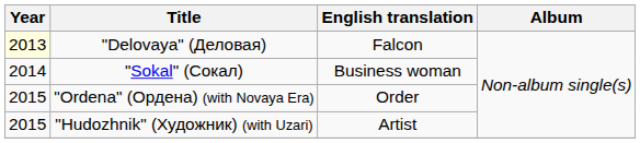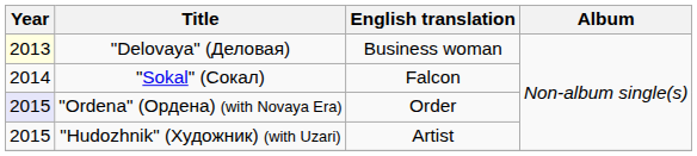 <table class="wikitable plainrowheaders" style="text-align:center;">
 <tr>
 <th scope="col" rowspan="1">Year</th>
 <th scope="col" rowspan="1">Title</th>
 <th scope="col" rowspan="1">English translation</th>
 <th scope="col" rowspan="1">Album</th>
 </tr>
 <tr>
 <td rowspan="1" style="background: lightyellow;">2013</td>
 <td scope="row">"Delovaya" (Деловая)</td>
-<td scope="row">Falcon</td>
+<td scope="row">Business woman</td>
 <td rowspan="4"><em>Non-album single(s)</em></td>
 </tr>
 <tr>
 <td rowspan="1">2014</td>
 <td scope="row">"<a href='#'>Sokal</a>" (Сокал)</td>
-<td scope="row">Business woman</td>
+<td scope="row">Falcon</td>
 </tr>
 <tr>
-<td rowspan="1">2015</td>
+<td rowspan="1" style="background: lavender;">2015</td>
 <td scope="row">"Ordena" (Ордена) <small>(with Novaya Era)</small></td>
 <td scope="row">Order</td>
 </tr>
 <tr>
 <td rowspan="1">2015</td>
 <td scope="row">"Hudozhnik" (Художник) <small>(with Uzari)</small></td>
 <td scope="row">Artist</td>
 </tr>
 <tr>
 </tr>
 </table>
